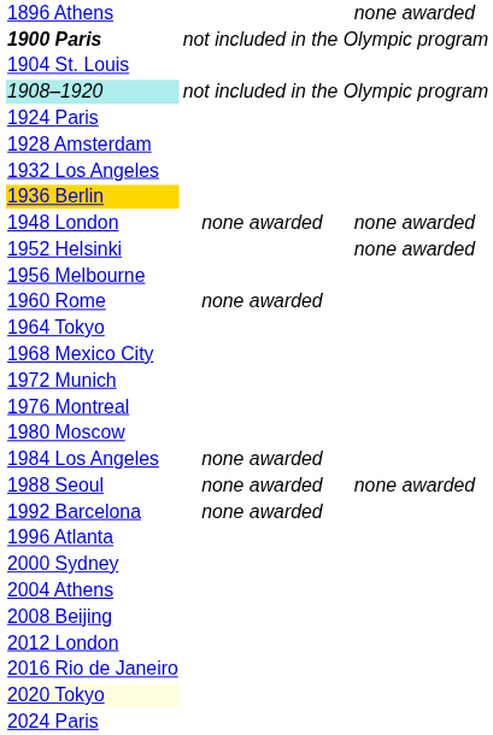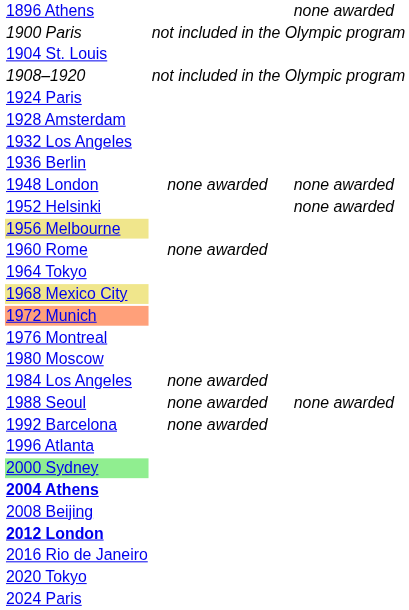 <table>
 <tr>
 <td><a href='#'>1896 Athens</a><br></td>
 <td></td>
 <td></td>
 <td align="center"><em>none awarded</em></td>
 </tr>
 <tr>
-<td><strong><em>1900 Paris</em></strong></td>
+<td><em>1900 Paris</em></td>
 <td colspan=3 align=center><em>not included in the Olympic program</em></td>
 </tr>
 <tr>
 <td><a href='#'>1904 St. Louis</a><br></td>
 <td></td>
 <td></td>
 <td></td>
 </tr>
 <tr>
-<td style="background: paleturquoise;"><em>1908–1920</em></td>
+<td><em>1908–1920</em></td>
 <td colspan=3 align=center><em>not included in the Olympic program</em></td>
 </tr>
 <tr>
 <td><a href='#'>1924 Paris</a><br></td>
 <td></td>
 <td></td>
 <td></td>
 </tr>
 <tr>
 <td><a href='#'>1928 Amsterdam</a><br></td>
 <td></td>
 <td></td>
 <td></td>
 </tr>
 <tr>
 <td><a href='#'>1932 Los Angeles</a><br></td>
 <td></td>
 <td></td>
 <td></td>
 </tr>
 <tr>
-<td style="background: gold;"><a href='#'>1936 Berlin</a><br></td>
+<td><a href='#'>1936 Berlin</a><br></td>
 <td></td>
 <td></td>
 <td></td>
 </tr>
 <tr valign="top">
 <td rowspan="3"><a href='#'>1948 London</a><br></td>
 <td></td>
 <td rowspan="3" align="center"><em>none awarded</em></td>
 <td rowspan="3" align="center"><em>none awarded</em></td>
 </tr>
 <tr>
 <td></td>
 </tr>
 <tr>
 <td></td>
 </tr>
 <tr valign="top">
 <td rowspan="2"><a href='#'>1952 Helsinki</a><br></td>
 <td rowspan="2"></td>
 <td></td>
 <td rowspan="2"  align="center"><em>none awarded</em></td>
 </tr>
 <tr>
 <td></td>
 </tr>
 <tr>
-<td><a href='#'>1956 Melbourne</a><br></td>
+<td style="background: khaki;"><a href='#'>1956 Melbourne</a><br></td>
 <td></td>
 <td></td>
 <td></td>
 </tr>
 <tr valign="top">
 <td rowspan="2"><a href='#'>1960 Rome</a><br></td>
 <td></td>
 <td rowspan="2"  align="center "><em>none awarded</em></td>
 <td rowspan="2"></td>
 </tr>
 <tr>
 <td></td>
 </tr>
 <tr>
 <td><a href='#'>1964 Tokyo</a><br></td>
 <td></td>
 <td></td>
 <td></td>
 </tr>
 <tr>
-<td><a href='#'>1968 Mexico City</a><br></td>
+<td style="background: khaki;"><a href='#'>1968 Mexico City</a><br></td>
 <td></td>
 <td></td>
 <td></td>
 </tr>
 <tr>
-<td><a href='#'>1972 Munich</a><br></td>
+<td style="background: lightsalmon;"><a href='#'>1972 Munich</a><br></td>
 <td></td>
 <td></td>
 <td></td>
 </tr>
 <tr valign="top">
 <td rowspan="2"><a href='#'>1976 Montreal</a><br></td>
 <td rowspan="2"></td>
 <td rowspan="2"></td>
 <td></td>
 </tr>
 <tr>
 <td></td>
 </tr>
 <tr>
 <td><a href='#'>1980 Moscow</a><br></td>
 <td></td>
 <td></td>
 <td></td>
 </tr>
 <tr valign="top">
 <td rowspan="2"><a href='#'>1984 Los Angeles</a><br></td>
 <td></td>
 <td rowspan="2"  align="center"><em>none awarded</em></td>
 <td rowspan="2"></td>
 </tr>
 <tr>
 <td></td>
 </tr>
 <tr valign="top">
 <td rowspan="3"><a href='#'>1988 Seoul</a><br></td>
 <td></td>
 <td rowspan="3"  align="center"><em>none awarded</em></td>
 <td rowspan="3"  align="center"><em>none awarded</em></td>
 </tr>
 <tr>
 <td></td>
 </tr>
 <tr>
 <td></td>
 </tr>
 <tr valign="top">
 <td rowspan="2"><a href='#'>1992 Barcelona</a><br></td>
 <td></td>
 <td rowspan="2" align="center"><em>none awarded</em></td>
 <td rowspan="2"></td>
 </tr>
 <tr>
 <td></td>
 </tr>
 <tr>
 <td><a href='#'>1996 Atlanta</a><br></td>
 <td></td>
 <td></td>
 <td></td>
 </tr>
 <tr>
-<td><a href='#'>2000 Sydney</a><br></td>
+<td style="background: lightgreen;"><a href='#'>2000 Sydney</a><br></td>
 <td></td>
 <td></td>
 <td></td>
 </tr>
 <tr>
-<td><a href='#'>2004 Athens</a><br></td>
+<td><strong><a href='#'>2004 Athens</a><br></strong></td>
 <td></td>
 <td></td>
 <td></td>
 </tr>
 <tr>
 <td><a href='#'>2008 Beijing</a><br></td>
 <td></td>
 <td></td>
 <td></td>
 </tr>
 <tr>
-<td><a href='#'>2012 London</a><br></td>
+<td><strong><a href='#'>2012 London</a><br></strong></td>
 <td></td>
 <td></td>
 <td></td>
 </tr>
 <tr>
 <td><a href='#'>2016 Rio de Janeiro</a><br></td>
 <td></td>
 <td></td>
 <td></td>
 </tr>
 <tr>
-<td style="background: lightyellow;"><a href='#'>2020 Tokyo</a><br></td>
+<td><a href='#'>2020 Tokyo</a><br></td>
 <td></td>
 <td></td>
 <td></td>
 </tr>
 <tr>
 <td><a href='#'>2024 Paris</a><br></td>
 <td></td>
 <td></td>
 <td></td>
 </tr>
 <tr>
 </tr>
 </table>
